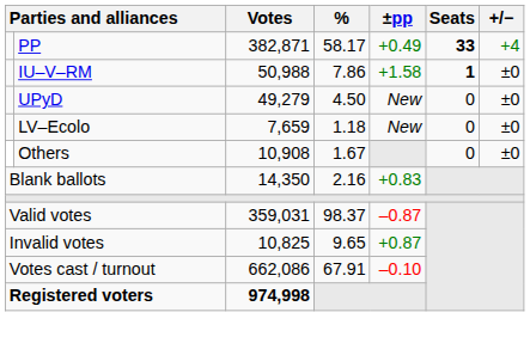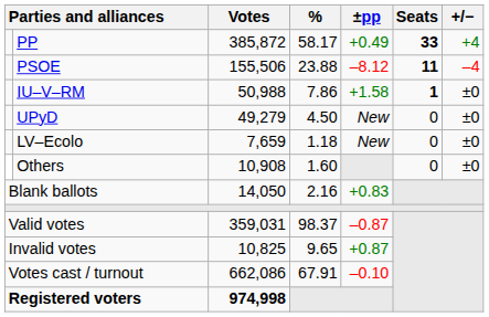 <table class="wikitable" style="text-align:right;">
 <tr>
 <th style="text-align:left;" colspan="2" width="200">Parties and alliances</th>
 <th width="75">Votes</th>
 <th width="45">%</th>
 <th width="45">±<a href='#'>pp</a></th>
 <th width="35">Seats</th>
 <th width="35">+/−</th>
 </tr>
 <tr>
 <td width="1" style="color:inherit;background:"></td>
 <td align="left"><a href='#'>PP</a></td>
-<td>382,871</td>
+<td>385,872</td>
 <td>58.17</td>
 <td style="color:green;">+0.49</td>
 <td><strong>33</strong></td>
 <td style="color:green;">+4</td>
+</tr>
+<tr>
+<td style="color:inherit;background:"></td>
+<td align="left"><a href='#'>PSOE</a></td>
+<td>155,506</td>
+<td>23.88</td>
+<td style="color:red;">–8.12</td>
+<td><strong>11</strong></td>
+<td style="color:red;">–4</td>
 </tr>
 <tr>
 <td style="color:inherit;background:"></td>
 <td align="left"><a href='#'>IU–V–RM</a></td>
 <td>50,988</td>
 <td>7.86</td>
 <td style="color:green;">+1.58</td>
 <td><strong>1</strong></td>
 <td>±0</td>
 </tr>
 <tr>
 <td style="color:inherit;background:"></td>
 <td align="left"><a href='#'>UPyD</a></td>
 <td>49,279</td>
 <td>4.50</td>
 <td><em>New</em></td>
 <td>0</td>
 <td>±0</td>
 </tr>
 <tr>
 <td style="color:inherit;background:"></td>
 <td align="left">LV–Ecolo</td>
 <td>7,659</td>
 <td>1.18</td>
 <td><em>New</em></td>
 <td>0</td>
 <td>±0</td>
 </tr>
 <tr>
 <td bgcolor="white"></td>
 <td align="left">Others</td>
 <td>10,908</td>
-<td>1.67</td>
+<td>1.60</td>
 <td bgcolor="#E9E9E9"></td>
 <td>0</td>
 <td>±0</td>
 </tr>
 <tr>
 <td align="left" colspan="2">Blank ballots</td>
-<td>14,350</td>
+<td>14,050</td>
 <td>2.16</td>
 <td style="color:green;">+0.83</td>
 <td bgcolor="#E9E9E9" colspan="2"></td>
 </tr>
 <tr>
 <td colspan="7" bgcolor="#E9E9E9"></td>
 </tr>
 <tr>
 <td align="left" colspan="2">Valid votes</td>
 <td>359,031</td>
 <td>98.37</td>
 <td style="color:red;">–0.87</td>
 <td bgcolor="#E9E9E9" colspan="2" rowspan="4"></td>
 </tr>
 <tr>
 <td align="left" colspan="2">Invalid votes</td>
 <td>10,825</td>
 <td>9.65</td>
 <td style="color:green;">+0.87</td>
 </tr>
 <tr>
 <td align="left" colspan="2">Votes cast / turnout</td>
 <td>662,086</td>
 <td>67.91</td>
 <td style="color:red;">–0.10</td>
 </tr>
 <tr style="font-weight:bold;">
 <td align="left" colspan="2">Registered voters</td>
 <td>974,998</td>
 <td bgcolor="#E9E9E9" colspan="2"></td>
 </tr>
 </table>
